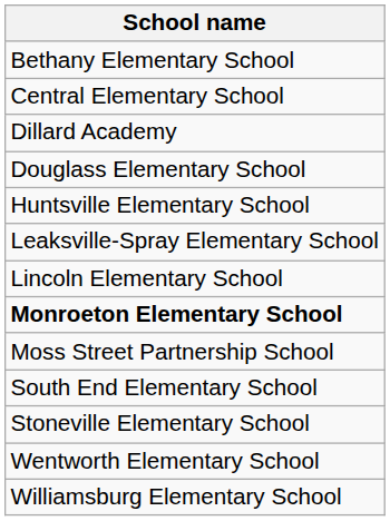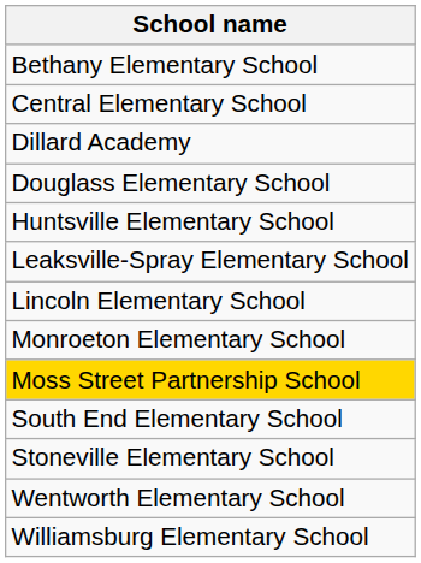 <table class="wikitable" border="1">
 <tr>
 <th>School name</th>
 </tr>
 <tr>
 <td>Bethany Elementary School</td>
 </tr>
 <tr>
 <td>Central Elementary School</td>
 </tr>
 <tr>
 <td>Dillard Academy</td>
 </tr>
 <tr>
 <td>Douglass Elementary School</td>
 </tr>
 <tr>
 <td>Huntsville Elementary School</td>
 </tr>
 <tr>
 <td>Leaksville-Spray Elementary School</td>
 </tr>
 <tr>
 <td>Lincoln Elementary School</td>
 </tr>
 <tr>
-<td><strong>Monroeton Elementary School</strong></td>
+<td>Monroeton Elementary School</td>
 </tr>
 <tr>
-<td>Moss Street Partnership School</td>
+<td style="background: gold;">Moss Street Partnership School</td>
 </tr>
 <tr>
 <td>South End Elementary School</td>
 </tr>
 <tr>
 <td>Stoneville Elementary School</td>
 </tr>
 <tr>
 <td>Wentworth Elementary School</td>
 </tr>
 <tr>
 <td>Williamsburg Elementary School</td>
 </tr>
 </table>
